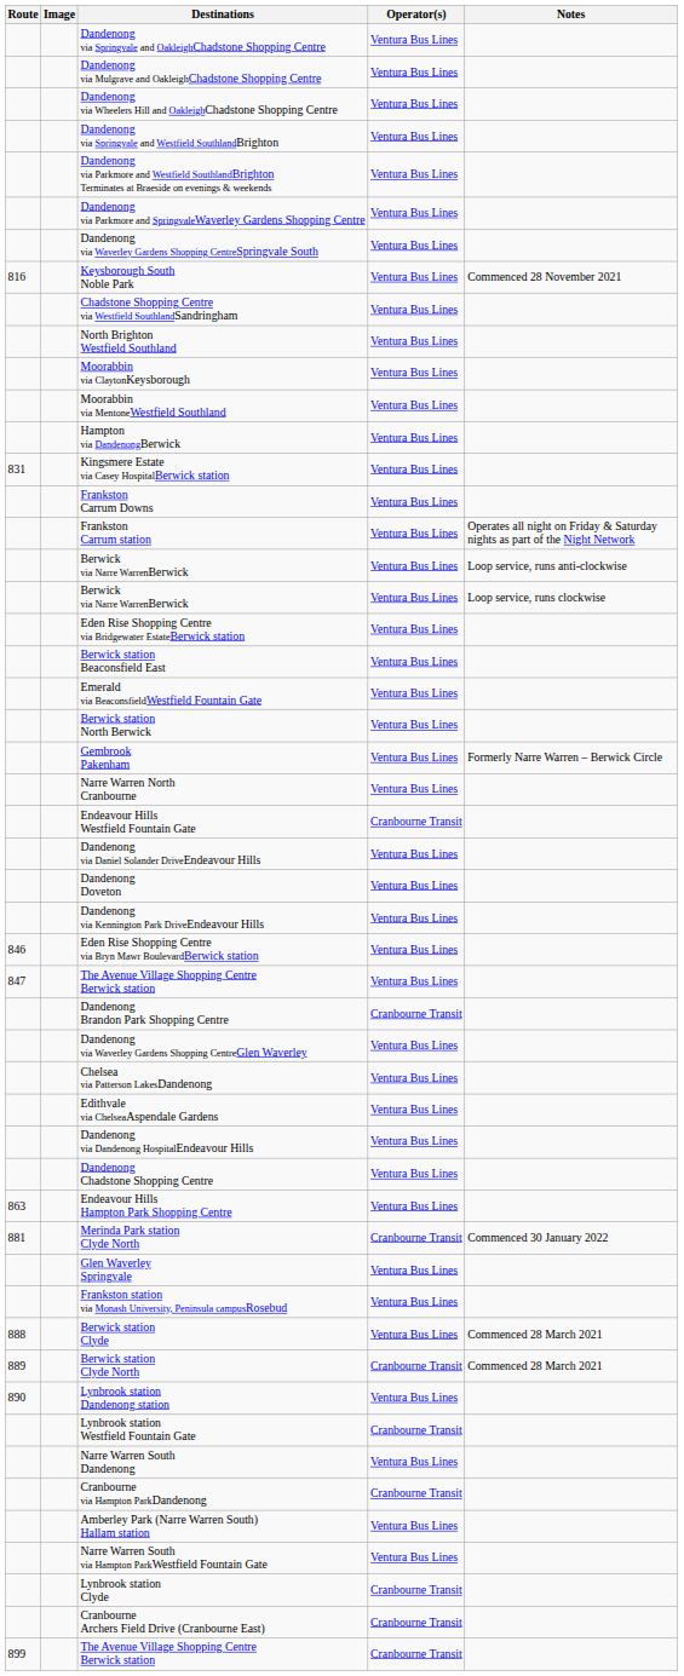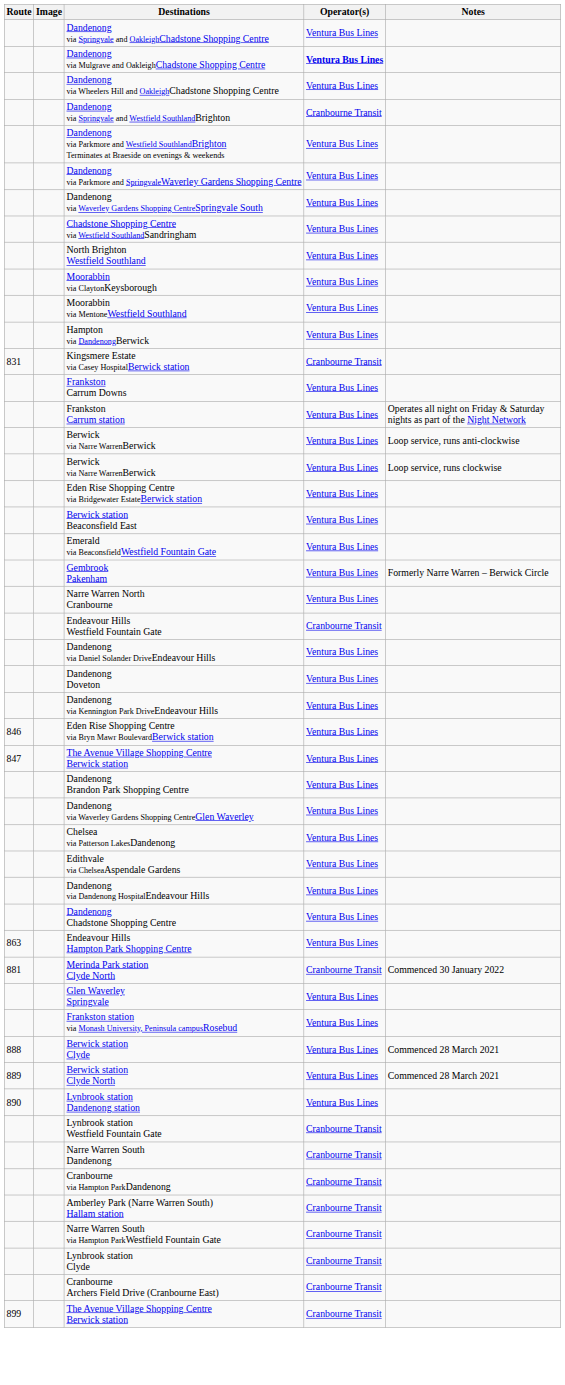 <table class="wikitable" style="text-align:left; padding:0; margin:0;">
 <tr>
 <th style="text-align:center;">Route</th>
 <th>Image</th>
 <th>Destinations</th>
 <th>Operator(s)</th>
 <th style="width:280px;">Notes</th>
 </tr>
 <tr>
 <td></td>
 <td></td>
 <td><a href='#'>Dandenong</a><br><small>via <a href='#'>Springvale</a> and <a href='#'>Oakleigh</a></small><a href='#'>Chadstone Shopping Centre</a></td>
 <td><a href='#'>Ventura Bus Lines</a></td>
 <td></td>
 </tr>
 <tr>
 <td></td>
 <td></td>
 <td><a href='#'>Dandenong</a><br><small>via Mulgrave and Oakleigh</small><a href='#'>Chadstone Shopping Centre</a></td>
-<td><a href='#'>Ventura Bus Lines</a></td>
+<td><strong><a href='#'>Ventura Bus Lines</a></strong></td>
 <td></td>
 </tr>
 <tr>
 <td></td>
 <td></td>
 <td><a href='#'>Dandenong</a><br><small>via Wheelers Hill and <a href='#'>Oakleigh</a></small>Chadstone Shopping Centre</td>
 <td><a href='#'>Ventura Bus Lines</a></td>
 <td></td>
 </tr>
 <tr>
 <td></td>
 <td></td>
 <td><a href='#'>Dandenong</a><br><small>via <a href='#'>Springvale</a> and <a href='#'>Westfield Southland</a></small>Brighton</td>
-<td><a href='#'>Ventura Bus Lines</a></td>
+<td><a href='#'>Cranbourne Transit</a></td>
 <td></td>
 </tr>
 <tr>
 <td></td>
 <td></td>
 <td><a href='#'>Dandenong</a><br><small>via Parkmore and <a href='#'>Westfield Southland</a></small><a href='#'>Brighton</a><br> <small>Terminates at Braeside on evenings & weekends</small></td>
 <td><a href='#'>Ventura Bus Lines</a></td>
 <td></td>
 </tr>
 <tr>
 <td></td>
 <td></td>
 <td><a href='#'>Dandenong</a><br><small>via Parkmore and <a href='#'>Springvale</a></small><a href='#'>Waverley Gardens Shopping Centre</a></td>
 <td><a href='#'>Ventura Bus Lines</a></td>
 <td></td>
 </tr>
 <tr>
 <td></td>
 <td></td>
 <td>Dandenong<br><small>via <a href='#'>Waverley Gardens Shopping Centre</a></small><a href='#'>Springvale South</a></td>
 <td><a href='#'>Ventura Bus Lines</a></td>
 <td></td>
-</tr>
-<tr>
-<td>816</td>
-<td></td>
-<td><a href='#'>Keysborough South</a><br>Noble Park</td>
-<td><a href='#'>Ventura Bus Lines</a></td>
-<td>Commenced 28 November 2021</td>
 </tr>
 <tr>
 <td></td>
 <td></td>
 <td><a href='#'>Chadstone Shopping Centre</a><br><small>via <a href='#'>Westfield Southland</a></small>Sandringham</td>
 <td><a href='#'>Ventura Bus Lines</a></td>
 <td></td>
 </tr>
 <tr>
 <td></td>
 <td></td>
 <td>North Brighton<br><a href='#'>Westfield Southland</a></td>
 <td><a href='#'>Ventura Bus Lines</a></td>
 <td></td>
 </tr>
 <tr>
 <td></td>
 <td></td>
 <td><a href='#'>Moorabbin</a><br><small>via Clayton</small>Keysborough</td>
 <td><a href='#'>Ventura Bus Lines</a></td>
 <td></td>
 </tr>
 <tr>
 <td></td>
 <td></td>
 <td>Moorabbin<br><small>via Mentone</small><a href='#'>Westfield Southland</a></td>
 <td><a href='#'>Ventura Bus Lines</a></td>
 <td></td>
 </tr>
 <tr>
 <td></td>
 <td></td>
 <td>Hampton<br><small>via <a href='#'>Dandenong</a></small>Berwick</td>
 <td><a href='#'>Ventura Bus Lines</a></td>
 <td></td>
 </tr>
 <tr>
 <td>831</td>
 <td></td>
 <td>Kingsmere Estate<br><small>via Casey Hospital</small><a href='#'>Berwick station</a></td>
-<td><a href='#'>Ventura Bus Lines</a></td>
+<td><a href='#'>Cranbourne Transit</a></td>
 <td></td>
 </tr>
 <tr>
 <td></td>
 <td></td>
 <td><a href='#'>Frankston</a><br>Carrum Downs</td>
 <td><a href='#'>Ventura Bus Lines</a></td>
 <td></td>
 </tr>
 <tr>
 <td></td>
 <td></td>
 <td>Frankston<br><a href='#'>Carrum station</a></td>
 <td><a href='#'>Ventura Bus Lines</a></td>
 <td>Operates all night on Friday & Saturday nights as part of the <a href='#'>Night Network</a></td>
 </tr>
 <tr>
 <td></td>
 <td></td>
 <td>Berwick<br><small>via Narre Warren</small>Berwick</td>
 <td><a href='#'>Ventura Bus Lines</a></td>
 <td>Loop service, runs anti-clockwise</td>
 </tr>
 <tr>
 <td></td>
 <td></td>
 <td>Berwick<br><small>via Narre Warren</small>Berwick</td>
 <td><a href='#'>Ventura Bus Lines</a></td>
 <td>Loop service, runs clockwise</td>
 </tr>
 <tr>
 <td></td>
 <td></td>
 <td>Eden Rise Shopping Centre<br><small>via Bridgewater Estate</small><a href='#'>Berwick station</a></td>
 <td><a href='#'>Ventura Bus Lines</a></td>
 <td></td>
 </tr>
 <tr>
 <td></td>
 <td></td>
 <td><a href='#'>Berwick station</a><br>Beaconsfield East</td>
 <td><a href='#'>Ventura Bus Lines</a></td>
 <td></td>
 </tr>
 <tr>
 <td></td>
 <td></td>
 <td>Emerald<br><small>via Beaconsfield</small><a href='#'>Westfield Fountain Gate</a></td>
-<td><a href='#'>Ventura Bus Lines</a></td>
-<td></td>
-</tr>
-<tr>
-<td></td>
-<td></td>
-<td><a href='#'>Berwick station</a><br>North Berwick</td>
 <td><a href='#'>Ventura Bus Lines</a></td>
 <td></td>
 </tr>
 <tr>
 <td></td>
 <td></td>
 <td><a href='#'>Gembrook</a><br><a href='#'>Pakenham</a></td>
 <td><a href='#'>Ventura Bus Lines</a></td>
 <td>Formerly Narre Warren – Berwick Circle</td>
 </tr>
 <tr>
 <td></td>
 <td></td>
 <td>Narre Warren North<br>Cranbourne</td>
 <td><a href='#'>Ventura Bus Lines</a></td>
 <td></td>
 </tr>
 <tr>
 <td></td>
 <td></td>
 <td>Endeavour Hills<br>Westfield Fountain Gate</td>
 <td><a href='#'>Cranbourne Transit</a></td>
 <td></td>
 </tr>
 <tr>
 <td></td>
 <td></td>
 <td>Dandenong<br><small>via Daniel Solander Drive</small>Endeavour Hills</td>
 <td><a href='#'>Ventura Bus Lines</a></td>
 <td></td>
 </tr>
 <tr>
 <td></td>
 <td></td>
 <td>Dandenong<br>Doveton</td>
 <td><a href='#'>Ventura Bus Lines</a></td>
 <td></td>
 </tr>
 <tr>
 <td></td>
 <td></td>
 <td>Dandenong<br><small>via Kennington Park Drive</small>Endeavour Hills</td>
 <td><a href='#'>Ventura Bus Lines</a></td>
 <td></td>
 </tr>
 <tr>
 <td>846</td>
 <td></td>
 <td>Eden Rise Shopping Centre<br><small>via Bryn Mawr Boulevard</small><a href='#'>Berwick station</a></td>
 <td><a href='#'>Ventura Bus Lines</a></td>
 <td></td>
 </tr>
 <tr>
 <td>847</td>
 <td></td>
 <td><a href='#'>The Avenue Village Shopping Centre</a><br><a href='#'>Berwick station</a></td>
 <td><a href='#'>Ventura Bus Lines</a></td>
 <td></td>
 </tr>
 <tr>
 <td></td>
 <td></td>
 <td>Dandenong<br>Brandon Park Shopping Centre</td>
-<td><a href='#'>Cranbourne Transit</a></td>
+<td><a href='#'>Ventura Bus Lines</a></td>
 <td></td>
 </tr>
 <tr>
 <td></td>
 <td></td>
 <td>Dandenong<br><small>via Waverley Gardens Shopping Centre</small><a href='#'>Glen Waverley</a></td>
 <td><a href='#'>Ventura Bus Lines</a></td>
 <td></td>
 </tr>
 <tr>
 <td></td>
 <td></td>
 <td>Chelsea<br><small>via Patterson Lakes</small>Dandenong</td>
 <td><a href='#'>Ventura Bus Lines</a></td>
 <td></td>
 </tr>
 <tr>
 <td></td>
 <td></td>
 <td>Edithvale<br><small>via Chelsea</small>Aspendale Gardens</td>
 <td><a href='#'>Ventura Bus Lines</a></td>
 <td></td>
 </tr>
 <tr>
 <td></td>
 <td></td>
 <td>Dandenong<br><small>via Dandenong Hospital</small>Endeavour Hills</td>
 <td><a href='#'>Ventura Bus Lines</a></td>
 <td></td>
 </tr>
 <tr>
 <td></td>
 <td></td>
 <td><a href='#'>Dandenong</a><br>Chadstone Shopping Centre</td>
 <td><a href='#'>Ventura Bus Lines</a></td>
 <td></td>
 </tr>
 <tr>
 <td>863</td>
 <td></td>
 <td>Endeavour Hills<br><a href='#'>Hampton Park Shopping Centre</a></td>
 <td><a href='#'>Ventura Bus Lines</a></td>
 <td></td>
 </tr>
 <tr>
 <td>881</td>
 <td></td>
 <td><a href='#'>Merinda Park station</a><br><a href='#'>Clyde North</a></td>
 <td><a href='#'>Cranbourne Transit</a></td>
 <td>Commenced 30 January 2022</td>
 </tr>
 <tr>
 <td></td>
 <td></td>
 <td><a href='#'>Glen Waverley</a><br><a href='#'>Springvale</a></td>
 <td><a href='#'>Ventura Bus Lines</a></td>
 <td></td>
 </tr>
 <tr>
 <td></td>
 <td></td>
 <td><a href='#'>Frankston station</a><br><small>via <a href='#'>Monash University, Peninsula campus</a></small><a href='#'>Rosebud</a></td>
 <td><a href='#'>Ventura Bus Lines</a></td>
 <td></td>
 </tr>
 <tr>
 <td>888</td>
 <td></td>
 <td><a href='#'>Berwick station</a><br><a href='#'>Clyde</a></td>
 <td><a href='#'>Ventura Bus Lines</a></td>
 <td>Commenced 28 March 2021</td>
 </tr>
 <tr>
 <td>889</td>
 <td></td>
 <td><a href='#'>Berwick station</a><br><a href='#'>Clyde North</a></td>
-<td><a href='#'>Cranbourne Transit</a></td>
+<td><a href='#'>Ventura Bus Lines</a></td>
 <td>Commenced 28 March 2021</td>
 </tr>
 <tr>
 <td>890</td>
 <td></td>
 <td><a href='#'>Lynbrook station</a><br><a href='#'>Dandenong station</a></td>
 <td><a href='#'>Ventura Bus Lines</a></td>
 <td></td>
 </tr>
 <tr>
 <td></td>
 <td></td>
 <td>Lynbrook station<br>Westfield Fountain Gate</td>
 <td><a href='#'>Cranbourne Transit</a></td>
 <td></td>
 </tr>
 <tr>
 <td></td>
 <td></td>
 <td>Narre Warren South<br>Dandenong</td>
-<td><a href='#'>Ventura Bus Lines</a></td>
+<td><a href='#'>Cranbourne Transit</a></td>
 <td></td>
 </tr>
 <tr>
 <td></td>
 <td></td>
 <td>Cranbourne<br><small>via Hampton Park</small>Dandenong</td>
 <td><a href='#'>Cranbourne Transit</a></td>
 <td></td>
 </tr>
 <tr>
 <td></td>
 <td></td>
 <td>Amberley Park (Narre Warren South)<br><a href='#'>Hallam station</a></td>
-<td><a href='#'>Ventura Bus Lines</a></td>
+<td><a href='#'>Cranbourne Transit</a></td>
 <td></td>
 </tr>
 <tr>
 <td></td>
 <td></td>
 <td>Narre Warren South<br><small>via Hampton Park</small>Westfield Fountain Gate</td>
-<td><a href='#'>Ventura Bus Lines</a></td>
+<td><a href='#'>Cranbourne Transit</a></td>
 <td></td>
 </tr>
 <tr>
 <td></td>
 <td></td>
 <td>Lynbrook station<br>Clyde</td>
 <td><a href='#'>Cranbourne Transit</a></td>
 <td></td>
 </tr>
 <tr>
 <td></td>
 <td></td>
 <td>Cranbourne<br>Archers Field Drive (Cranbourne East)</td>
 <td><a href='#'>Cranbourne Transit</a></td>
 <td></td>
 </tr>
 <tr>
 <td>899</td>
 <td></td>
 <td><a href='#'>The Avenue Village Shopping Centre</a><br><a href='#'>Berwick station</a></td>
 <td><a href='#'>Cranbourne Transit</a></td>
 <td></td>
 </tr>
 </table>
